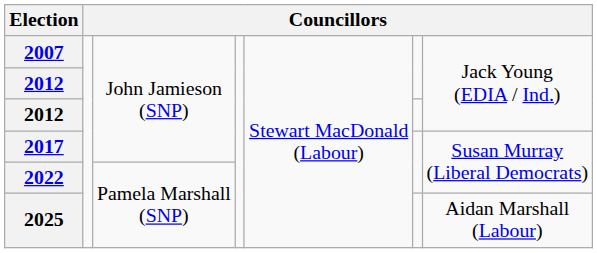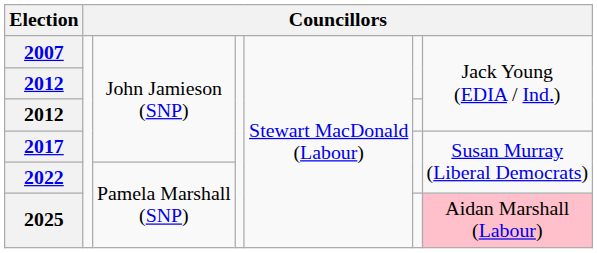 <table class="wikitable" style="text-align:center">
 <tr>
 <th>Election</th>
 <th colspan=6>Councillors</th>
 </tr>
 <tr>
 <th><a href='#'>2007</a></th>
 <td rowspan=6; style="background-color: "></td>
 <td rowspan=4>John Jamieson<br>(<a href='#'>SNP</a>)</td>
 <td rowspan=6; style="background-color: "></td>
 <td rowspan=6><a href='#'>Stewart MacDonald</a><br>(<a href='#'>Labour</a>)</td>
 <td rowspan=2; style="background-color: "></td>
 <td rowspan=3>Jack Young<br>(<a href='#'>EDIA</a> / <a href='#'>Ind.</a>)</td>
 </tr>
 <tr>
 <th><a href='#'>2012</a></th>
 </tr>
 <tr>
 <th>2012</th>
 <td rowspan=1; style="background-color: "></td>
 </tr>
 <tr>
 <th><a href='#'>2017</a></th>
 <td rowspan=2; style="background-color: "></td>
 <td rowspan=2><a href='#'>Susan Murray</a><br>(<a href='#'>Liberal Democrats</a>)</td>
 </tr>
 <tr>
 <th><a href='#'>2022</a></th>
 <td rowspan=2>Pamela Marshall<br>(<a href='#'>SNP</a>)</td>
 </tr>
 <tr>
 <th>2025</th>
 <td rowspan=1; style="background-color: "></td>
-<td rowspan=1>Aidan Marshall<br>(<a href='#'>Labour</a>)</td>
+<td rowspan=1 style="background: pink;">Aidan Marshall<br>(<a href='#'>Labour</a>)</td>
 </tr>
 </table>
